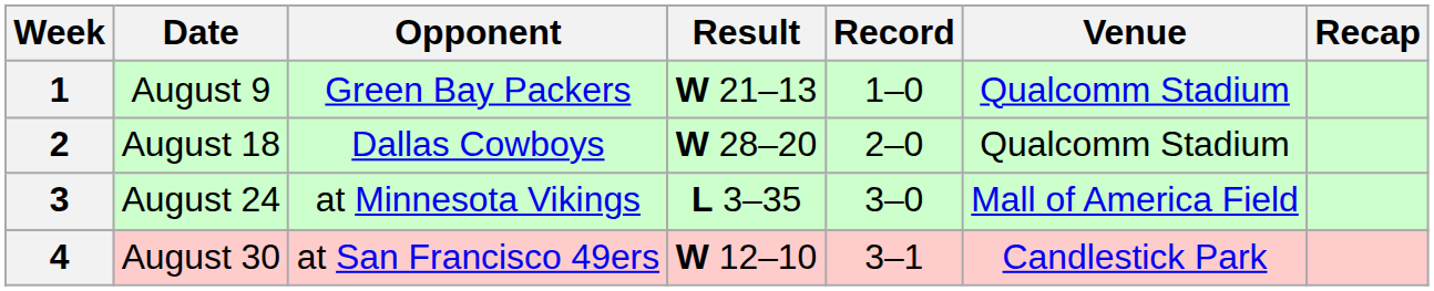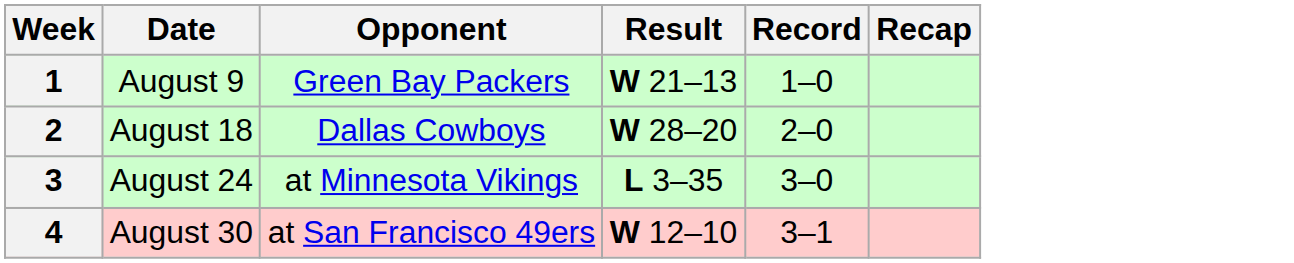 <table class="wikitable" style="text-align:center">
 <tr>
 <th>Week</th>
 <th>Date</th>
 <th>Opponent</th>
 <th>Result</th>
 <th>Record</th>
-<th>Venue</th>
 <th>Recap</th>
 </tr>
 <tr style="background:#cfc; text-align:center;">
 <th>1</th>
 <td>August 9</td>
 <td><a href='#'>Green Bay Packers</a></td>
 <td><strong>W</strong> 21–13</td>
 <td>1–0</td>
-<td><a href='#'>Qualcomm Stadium</a></td>
 <td></td>
 </tr>
 <tr style="background:#cfc; text-align:center;">
 <th>2</th>
 <td>August 18</td>
 <td><a href='#'>Dallas Cowboys</a></td>
 <td><strong>W</strong> 28–20</td>
 <td>2–0</td>
-<td>Qualcomm Stadium</td>
 <td></td>
 </tr>
 <tr style="background:#cfc; text-align:center;">
 <th>3</th>
 <td>August 24</td>
 <td>at <a href='#'>Minnesota Vikings</a></td>
 <td><strong>L</strong> 3–35</td>
 <td>3–0</td>
-<td><a href='#'>Mall of America Field</a></td>
 <td></td>
 </tr>
 <tr style="background:#fcc; text-align:center;">
 <th>4</th>
 <td>August 30</td>
 <td>at <a href='#'>San Francisco 49ers</a></td>
 <td><strong>W</strong> 12–10</td>
 <td>3–1</td>
-<td><a href='#'>Candlestick Park</a></td>
 <td></td>
 </tr>
 </table>
